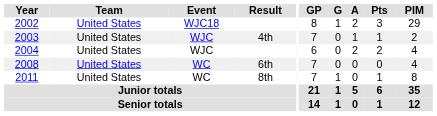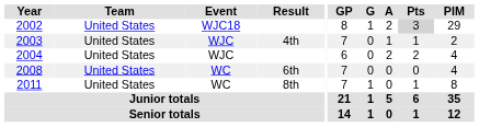 <table border="0" cellpadding="1" cellspacing="0" ID="Table3" style="text-align:center; width:40em">
 <tr ALIGN="center" bgcolor="#e0e0e0">
 <th>Year</th>
 <th>Team</th>
 <th>Event</th>
 <th>Result</th>
 <th rowspan="99" bgcolor="#ffffff"></th>
 <th>GP</th>
 <th>G</th>
 <th>A</th>
 <th>Pts</th>
 <th>PIM</th>
 </tr>
 <tr>
 <td><a href='#'>2002</a></td>
 <td><a href='#'>United States</a></td>
 <td><a href='#'>WJC18</a></td>
 <td></td>
 <td>8</td>
 <td>1</td>
 <td>2</td>
-<td>3</td>
+<td style="background: lightgrey;">3</td>
 <td>29</td>
 </tr>
 <tr bgcolor="#f0f0f0">
 <td><a href='#'>2003</a></td>
 <td>United States</td>
 <td><a href='#'>WJC</a></td>
 <td>4th</td>
 <td>7</td>
 <td>0</td>
 <td>1</td>
 <td>1</td>
 <td>2</td>
 </tr>
 <tr>
 <td><a href='#'>2004</a></td>
 <td>United States</td>
 <td>WJC</td>
 <td></td>
 <td>6</td>
 <td>0</td>
 <td>2</td>
 <td>2</td>
 <td>4</td>
 </tr>
 <tr bgcolor="#f0f0f0">
 <td><a href='#'>2008</a></td>
 <td><a href='#'>United States</a></td>
 <td><a href='#'>WC</a></td>
 <td>6th</td>
 <td>7</td>
 <td>0</td>
 <td>0</td>
 <td>0</td>
 <td>4</td>
 </tr>
 <tr>
 <td><a href='#'>2011</a></td>
 <td>United States</td>
 <td>WC</td>
 <td>8th</td>
 <td>7</td>
 <td>1</td>
 <td>0</td>
 <td>1</td>
 <td>8</td>
 </tr>
 <tr bgcolor="#e0e0e0">
 <th colspan=4>Junior totals</th>
 <th>21</th>
 <th>1</th>
 <th>5</th>
 <th>6</th>
 <th>35</th>
 </tr>
 <tr bgcolor="#e0e0e0">
 <th colspan=4>Senior totals</th>
 <th>14</th>
 <th>1</th>
 <th>0</th>
 <th>1</th>
 <th>12</th>
 </tr>
 </table>
